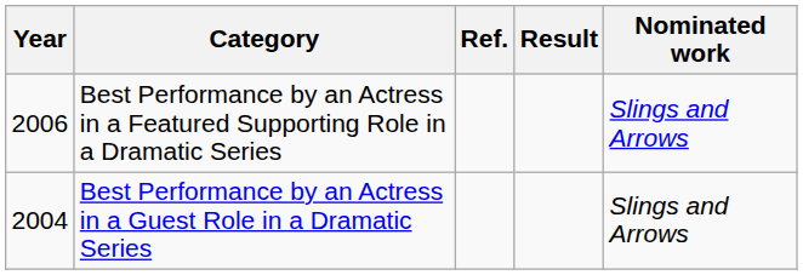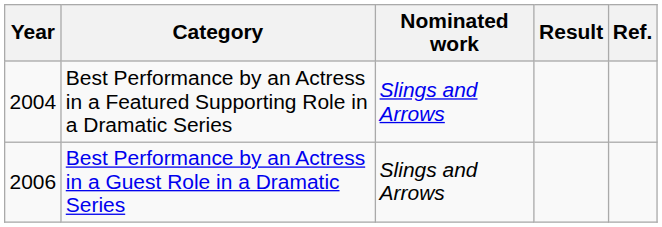 <table class="wikitable" style="width:80%;">
 <tr>
 <th style="width:4%;">Year</th>
 <th style="width:55%;">Category</th>
+<th style="width:26%;">Nominated work</th>
+<th style="width:10%;">Result</th>
 <th width=5%>Ref.</th>
-<th style="width:10%;">Result</th>
-<th style="width:26%;">Nominated work</th>
+</tr>
+<tr>
+<td align="center">2004</td>
+<td>Best Performance by an Actress in a Featured Supporting Role in a Dramatic Series</td>
+<td><em><a href='#'>Slings and Arrows</a></em> </td>
+<td></td>
+<td align="center"></td>
 </tr>
 <tr>
 <td align="center">2006</td>
-<td>Best Performance by an Actress in a Featured Supporting Role in a Dramatic Series</td>
+<td><a href='#'>Best Performance by an Actress in a Guest Role in a Dramatic Series</a></td>
+<td><em>Slings and Arrows</em> </td>
+<td></td>
 <td align="center"></td>
-<td></td>
-<td><em><a href='#'>Slings and Arrows</a></em> </td>
-</tr>
-<tr>
-<td align="center">2004</td>
-<td><a href='#'>Best Performance by an Actress in a Guest Role in a Dramatic Series</a></td>
-<td align="center"></td>
-<td></td>
-<td><em>Slings and Arrows</em> </td>
 </tr>
 </table>
